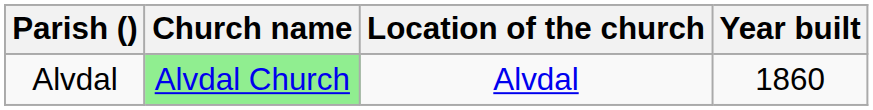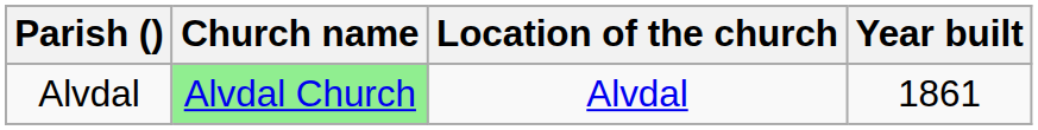 <table class="wikitable" style="text-align:center">
 <tr>
 <th>Parish ()</th>
 <th>Church name</th>
 <th>Location of the church</th>
 <th>Year built</th>
 </tr>
 <tr>
 <td rowspan="1">Alvdal</td>
 <td style="background: lightgreen;"><a href='#'>Alvdal Church</a></td>
 <td><a href='#'>Alvdal</a></td>
-<td>1860</td>
+<td>1861</td>
 </tr>
 </table>
